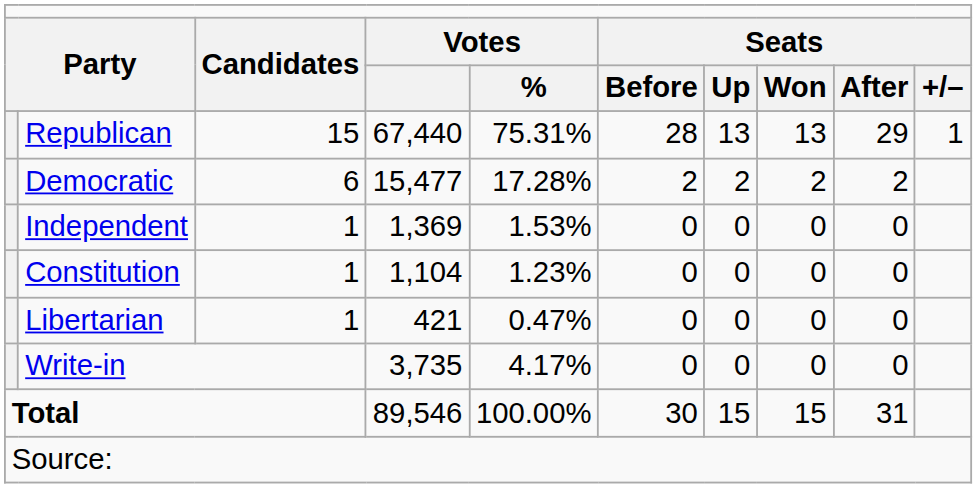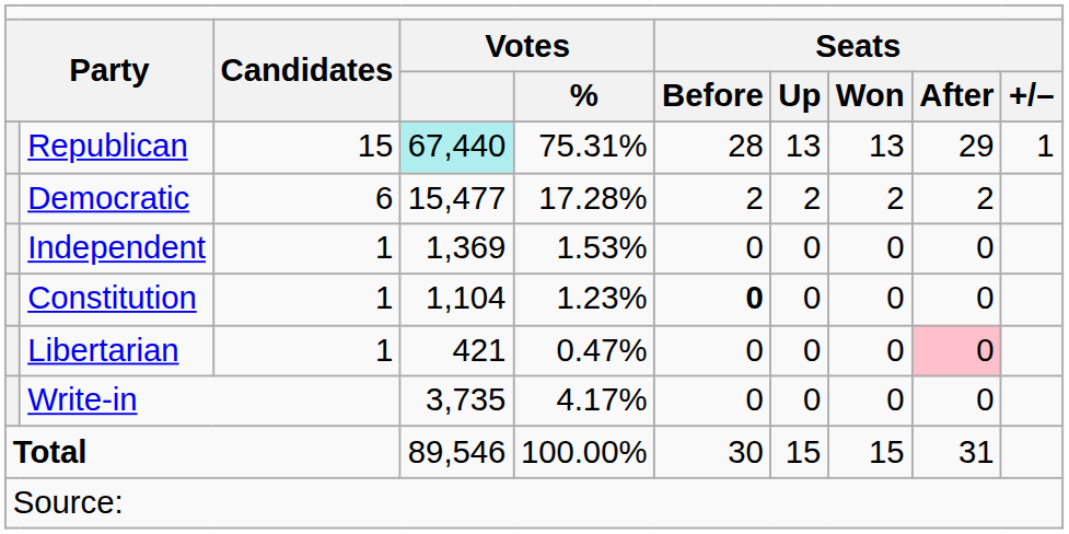 <table class="wikitable">
 <tr>
 <td colspan=15 align=center></td>
 </tr>
 <tr>
 <th rowspan="2" colspan="2">Party</th>
 <th rowspan="2">Candidates</th>
 <th colspan="2">Votes</th>
 <th colspan="5">Seats</th>
 </tr>
 <tr>
 <th></th>
 <th>%</th>
 <th>Before</th>
 <th>Up</th>
 <th>Won</th>
 <th>After</th>
 <th>+/–</th>
 </tr>
 <tr>
 <th style="background-color:"></th>
 <td><a href='#'>Republican</a></td>
 <td align="right">15</td>
-<td align="right">67,440</td>
+<td align="right" style="background: paleturquoise;">67,440</td>
 <td align="right">75.31%</td>
 <td align="right">28</td>
 <td align="right">13</td>
 <td align="right">13</td>
 <td align="right">29</td>
 <td align="right"> 1</td>
 </tr>
 <tr>
 <th style="background-color:"></th>
 <td><a href='#'>Democratic</a></td>
 <td align="right">6</td>
 <td align="right">15,477</td>
 <td align="right">17.28%</td>
 <td align="right">2</td>
 <td align="right">2</td>
 <td align="right">2</td>
 <td align="right">2</td>
 <td align="right"></td>
 </tr>
 <tr>
 <th style="background-color:"></th>
 <td><a href='#'>Independent</a></td>
 <td align="right">1</td>
 <td align="right">1,369</td>
 <td align="right">1.53%</td>
 <td align="right">0</td>
 <td align="right">0</td>
 <td align="right">0</td>
 <td align="right">0</td>
 <td align="right"></td>
 </tr>
 <tr>
 <th style="background-color:"></th>
 <td><a href='#'>Constitution</a></td>
 <td align="right">1</td>
 <td align="right">1,104</td>
 <td align="right">1.23%</td>
-<td align="right">0</td>
+<td align="right"><strong>0</strong></td>
 <td align="right">0</td>
 <td align="right">0</td>
 <td align="right">0</td>
 <td align="right"></td>
 </tr>
 <tr>
 <th style="background-color:"></th>
 <td><a href='#'>Libertarian</a></td>
 <td align="right">1</td>
 <td align="right">421</td>
 <td align="right">0.47%</td>
 <td align="right">0</td>
 <td align="right">0</td>
 <td align="right">0</td>
-<td align="right">0</td>
+<td align="right" style="background: pink;">0</td>
 <td align="right"></td>
 </tr>
 <tr>
 <th style="background-color:"></th>
 <td colspan=2><a href='#'>Write-in</a></td>
 <td align="right">3,735</td>
 <td align="right">4.17%</td>
 <td align="right">0</td>
 <td align="right">0</td>
 <td align="right">0</td>
 <td align="right">0</td>
 <td align="right"></td>
 </tr>
 <tr>
 <td colspan="3" align="left"><strong>Total</strong></td>
 <td align="right">89,546</td>
 <td align="right">100.00%</td>
 <td align="right">30</td>
 <td align="right">15</td>
 <td align="right">15</td>
 <td align="right">31</td>
 <td align="right"></td>
 </tr>
 <tr>
 <td colspan="10">Source: </td>
 </tr>
 </table>
